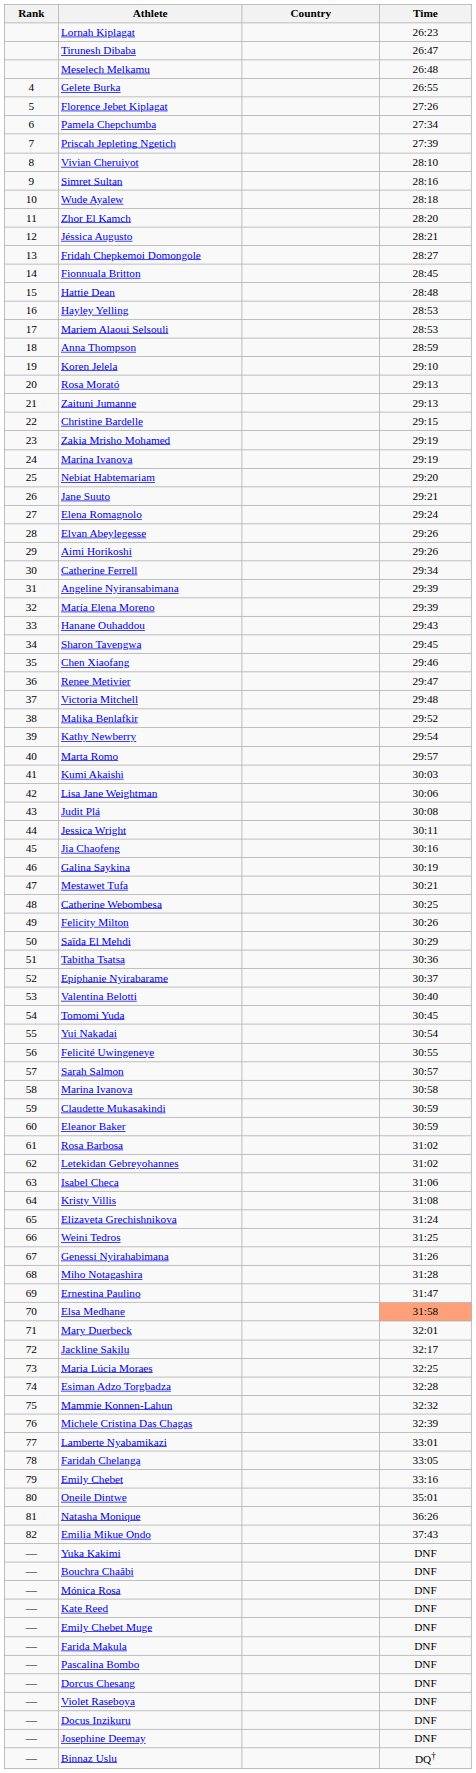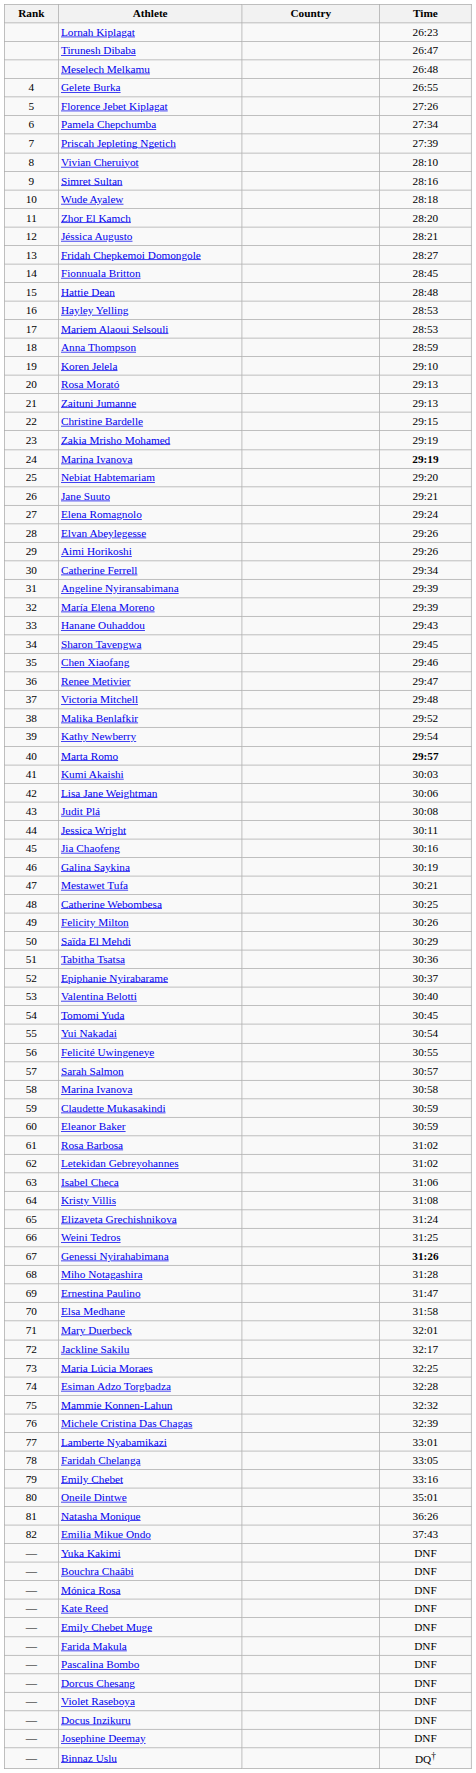 <table class="wikitable sortable" style=" text-align:center; font-size:95%;" width="50%">
 <tr>
 <th width=5%>Rank</th>
 <th width=20%>Athlete</th>
 <th width=15%>Country</th>
 <th width=10%>Time</th>
 </tr>
 <tr>
 <td align=center></td>
 <td align=left><a href='#'>Lornah Kiplagat</a></td>
 <td align=left></td>
 <td>26:23</td>
 </tr>
 <tr>
 <td align=center></td>
 <td align=left><a href='#'>Tirunesh Dibaba</a></td>
 <td align=left></td>
 <td>26:47</td>
 </tr>
 <tr>
 <td align=center></td>
 <td align=left><a href='#'>Meselech Melkamu</a></td>
 <td align=left></td>
 <td>26:48</td>
 </tr>
 <tr>
 <td align=center>4</td>
 <td align=left><a href='#'>Gelete Burka</a></td>
 <td align=left></td>
 <td>26:55</td>
 </tr>
 <tr>
 <td align=center>5</td>
 <td align=left><a href='#'>Florence Jebet Kiplagat</a></td>
 <td align=left></td>
 <td>27:26</td>
 </tr>
 <tr>
 <td align=center>6</td>
 <td align=left><a href='#'>Pamela Chepchumba</a></td>
 <td align=left></td>
 <td>27:34</td>
 </tr>
 <tr>
 <td align=center>7</td>
 <td align=left><a href='#'>Priscah Jepleting Ngetich</a></td>
 <td align=left></td>
 <td>27:39</td>
 </tr>
 <tr>
 <td align=center>8</td>
 <td align=left><a href='#'>Vivian Cheruiyot</a></td>
 <td align=left></td>
 <td>28:10</td>
 </tr>
 <tr>
 <td align=center>9</td>
 <td align=left><a href='#'>Simret Sultan</a></td>
 <td align=left></td>
 <td>28:16</td>
 </tr>
 <tr>
 <td align=center>10</td>
 <td align=left><a href='#'>Wude Ayalew</a></td>
 <td align=left></td>
 <td>28:18</td>
 </tr>
 <tr>
 <td align=center>11</td>
 <td align=left><a href='#'>Zhor El Kamch</a></td>
 <td align=left></td>
 <td>28:20</td>
 </tr>
 <tr>
 <td align=center>12</td>
 <td align=left><a href='#'>Jéssica Augusto</a></td>
 <td align=left></td>
 <td>28:21</td>
 </tr>
 <tr>
 <td align=center>13</td>
 <td align=left><a href='#'>Fridah Chepkemoi Domongole</a></td>
 <td align=left></td>
 <td>28:27</td>
 </tr>
 <tr>
 <td align=center>14</td>
 <td align=left><a href='#'>Fionnuala Britton</a></td>
 <td align=left></td>
 <td>28:45</td>
 </tr>
 <tr>
 <td align=center>15</td>
 <td align=left><a href='#'>Hattie Dean</a></td>
 <td align=left></td>
 <td>28:48</td>
 </tr>
 <tr>
 <td align=center>16</td>
 <td align=left><a href='#'>Hayley Yelling</a></td>
 <td align=left></td>
 <td>28:53</td>
 </tr>
 <tr>
 <td align=center>17</td>
 <td align=left><a href='#'>Mariem Alaoui Selsouli</a></td>
 <td align=left></td>
 <td>28:53</td>
 </tr>
 <tr>
 <td align=center>18</td>
 <td align=left><a href='#'>Anna Thompson</a></td>
 <td align=left></td>
 <td>28:59</td>
 </tr>
 <tr>
 <td align=center>19</td>
 <td align=left><a href='#'>Koren Jelela</a></td>
 <td align=left></td>
 <td>29:10</td>
 </tr>
 <tr>
 <td align=center>20</td>
 <td align=left><a href='#'>Rosa Morató</a></td>
 <td align=left></td>
 <td>29:13</td>
 </tr>
 <tr>
 <td align=center>21</td>
 <td align=left><a href='#'>Zaituni Jumanne</a></td>
 <td align=left></td>
 <td>29:13</td>
 </tr>
 <tr>
 <td align=center>22</td>
 <td align=left><a href='#'>Christine Bardelle</a></td>
 <td align=left></td>
 <td>29:15</td>
 </tr>
 <tr>
 <td align=center>23</td>
 <td align=left><a href='#'>Zakia Mrisho Mohamed</a></td>
 <td align=left></td>
 <td>29:19</td>
 </tr>
 <tr>
 <td align=center>24</td>
 <td align=left><a href='#'>Marina Ivanova</a></td>
 <td align=left></td>
-<td>29:19</td>
+<td><strong>29:19</strong></td>
 </tr>
 <tr>
 <td align=center>25</td>
 <td align=left><a href='#'>Nebiat Habtemariam</a></td>
 <td align=left></td>
 <td>29:20</td>
 </tr>
 <tr>
 <td align=center>26</td>
 <td align=left><a href='#'>Jane Suuto</a></td>
 <td align=left></td>
 <td>29:21</td>
 </tr>
 <tr>
 <td align=center>27</td>
 <td align=left><a href='#'>Elena Romagnolo</a></td>
 <td align=left></td>
 <td>29:24</td>
 </tr>
 <tr>
 <td align=center>28</td>
 <td align=left><a href='#'>Elvan Abeylegesse</a></td>
 <td align=left></td>
 <td>29:26</td>
 </tr>
 <tr>
 <td align=center>29</td>
 <td align=left><a href='#'>Aimi Horikoshi</a></td>
 <td align=left></td>
 <td>29:26</td>
 </tr>
 <tr>
 <td align=center>30</td>
 <td align=left><a href='#'>Catherine Ferrell</a></td>
 <td align=left></td>
 <td>29:34</td>
 </tr>
 <tr>
 <td align=center>31</td>
 <td align=left><a href='#'>Angeline Nyiransabimana</a></td>
 <td align=left></td>
 <td>29:39</td>
 </tr>
 <tr>
 <td align=center>32</td>
 <td align=left><a href='#'>María Elena Moreno</a></td>
 <td align=left></td>
 <td>29:39</td>
 </tr>
 <tr>
 <td align=center>33</td>
 <td align=left><a href='#'>Hanane Ouhaddou</a></td>
 <td align=left></td>
 <td>29:43</td>
 </tr>
 <tr>
 <td align=center>34</td>
 <td align=left><a href='#'>Sharon Tavengwa</a></td>
 <td align=left></td>
 <td>29:45</td>
 </tr>
 <tr>
 <td align=center>35</td>
 <td align=left><a href='#'>Chen Xiaofang</a></td>
 <td align=left></td>
 <td>29:46</td>
 </tr>
 <tr>
 <td align=center>36</td>
 <td align=left><a href='#'>Renee Metivier</a></td>
 <td align=left></td>
 <td>29:47</td>
 </tr>
 <tr>
 <td align=center>37</td>
 <td align=left><a href='#'>Victoria Mitchell</a></td>
 <td align=left></td>
 <td>29:48</td>
 </tr>
 <tr>
 <td align=center>38</td>
 <td align=left><a href='#'>Malika Benlafkir</a></td>
 <td align=left></td>
 <td>29:52</td>
 </tr>
 <tr>
 <td align=center>39</td>
 <td align=left><a href='#'>Kathy Newberry</a></td>
 <td align=left></td>
 <td>29:54</td>
 </tr>
 <tr>
 <td align=center>40</td>
 <td align=left><a href='#'>Marta Romo</a></td>
 <td align=left></td>
-<td>29:57</td>
+<td><strong>29:57</strong></td>
 </tr>
 <tr>
 <td align=center>41</td>
 <td align=left><a href='#'>Kumi Akaishi</a></td>
 <td align=left></td>
 <td>30:03</td>
 </tr>
 <tr>
 <td align=center>42</td>
 <td align=left><a href='#'>Lisa Jane Weightman</a></td>
 <td align=left></td>
 <td>30:06</td>
 </tr>
 <tr>
 <td align=center>43</td>
 <td align=left><a href='#'>Judit Plá</a></td>
 <td align=left></td>
 <td>30:08</td>
 </tr>
 <tr>
 <td align=center>44</td>
 <td align=left><a href='#'>Jessica Wright</a></td>
 <td align=left></td>
 <td>30:11</td>
 </tr>
 <tr>
 <td align=center>45</td>
 <td align=left><a href='#'>Jia Chaofeng</a></td>
 <td align=left></td>
 <td>30:16</td>
 </tr>
 <tr>
 <td align=center>46</td>
 <td align=left><a href='#'>Galina Saykina</a></td>
 <td align=left></td>
 <td>30:19</td>
 </tr>
 <tr>
 <td align=center>47</td>
 <td align=left><a href='#'>Mestawet Tufa</a></td>
 <td align=left></td>
 <td>30:21</td>
 </tr>
 <tr>
 <td align=center>48</td>
 <td align=left><a href='#'>Catherine Webombesa</a></td>
 <td align=left></td>
 <td>30:25</td>
 </tr>
 <tr>
 <td align=center>49</td>
 <td align=left><a href='#'>Felicity Milton</a></td>
 <td align=left></td>
 <td>30:26</td>
 </tr>
 <tr>
 <td align=center>50</td>
 <td align=left><a href='#'>Saïda El Mehdi</a></td>
 <td align=left></td>
 <td>30:29</td>
 </tr>
 <tr>
 <td align=center>51</td>
 <td align=left><a href='#'>Tabitha Tsatsa</a></td>
 <td align=left></td>
 <td>30:36</td>
 </tr>
 <tr>
 <td align=center>52</td>
 <td align=left><a href='#'>Epiphanie Nyirabarame</a></td>
 <td align=left></td>
 <td>30:37</td>
 </tr>
 <tr>
 <td align=center>53</td>
 <td align=left><a href='#'>Valentina Belotti</a></td>
 <td align=left></td>
 <td>30:40</td>
 </tr>
 <tr>
 <td align=center>54</td>
 <td align=left><a href='#'>Tomomi Yuda</a></td>
 <td align=left></td>
 <td>30:45</td>
 </tr>
 <tr>
 <td align=center>55</td>
 <td align=left><a href='#'>Yui Nakadai</a></td>
 <td align=left></td>
 <td>30:54</td>
 </tr>
 <tr>
 <td align=center>56</td>
 <td align=left><a href='#'>Felicité Uwingeneye</a></td>
 <td align=left></td>
 <td>30:55</td>
 </tr>
 <tr>
 <td align=center>57</td>
 <td align=left><a href='#'>Sarah Salmon</a></td>
 <td align=left></td>
 <td>30:57</td>
 </tr>
 <tr>
 <td align=center>58</td>
 <td align=left><a href='#'>Marina Ivanova</a></td>
 <td align=left></td>
 <td>30:58</td>
 </tr>
 <tr>
 <td align=center>59</td>
 <td align=left><a href='#'>Claudette Mukasakindi</a></td>
 <td align=left></td>
 <td>30:59</td>
 </tr>
 <tr>
 <td align=center>60</td>
 <td align=left><a href='#'>Eleanor Baker</a></td>
 <td align=left></td>
 <td>30:59</td>
 </tr>
 <tr>
 <td align=center>61</td>
 <td align=left><a href='#'>Rosa Barbosa</a></td>
 <td align=left></td>
 <td>31:02</td>
 </tr>
 <tr>
 <td align=center>62</td>
 <td align=left><a href='#'>Letekidan Gebreyohannes</a></td>
 <td align=left></td>
 <td>31:02</td>
 </tr>
 <tr>
 <td align=center>63</td>
 <td align=left><a href='#'>Isabel Checa</a></td>
 <td align=left></td>
 <td>31:06</td>
 </tr>
 <tr>
 <td align=center>64</td>
 <td align=left><a href='#'>Kristy Villis</a></td>
 <td align=left></td>
 <td>31:08</td>
 </tr>
 <tr>
 <td align=center>65</td>
 <td align=left><a href='#'>Elizaveta Grechishnikova</a></td>
 <td align=left></td>
 <td>31:24</td>
 </tr>
 <tr>
 <td align=center>66</td>
 <td align=left><a href='#'>Weini Tedros</a></td>
 <td align=left></td>
 <td>31:25</td>
 </tr>
 <tr>
 <td align=center>67</td>
 <td align=left><a href='#'>Genessi Nyirahabimana</a></td>
 <td align=left></td>
-<td>31:26</td>
+<td><strong>31:26</strong></td>
 </tr>
 <tr>
 <td align=center>68</td>
 <td align=left><a href='#'>Miho Notagashira</a></td>
 <td align=left></td>
 <td>31:28</td>
 </tr>
 <tr>
 <td align=center>69</td>
 <td align=left><a href='#'>Ernestina Paulino</a></td>
 <td align=left></td>
 <td>31:47</td>
 </tr>
 <tr>
 <td align=center>70</td>
 <td align=left><a href='#'>Elsa Medhane</a></td>
 <td align=left></td>
-<td style="background: lightsalmon;">31:58</td>
+<td>31:58</td>
 </tr>
 <tr>
 <td align=center>71</td>
 <td align=left><a href='#'>Mary Duerbeck</a></td>
 <td align=left></td>
 <td>32:01</td>
 </tr>
 <tr>
 <td align=center>72</td>
 <td align=left><a href='#'>Jackline Sakilu</a></td>
 <td align=left></td>
 <td>32:17</td>
 </tr>
 <tr>
 <td align=center>73</td>
 <td align=left><a href='#'>Maria Lúcia Moraes</a></td>
 <td align=left></td>
 <td>32:25</td>
 </tr>
 <tr>
 <td align=center>74</td>
 <td align=left><a href='#'>Esiman Adzo Torgbadza</a></td>
 <td align=left></td>
 <td>32:28</td>
 </tr>
 <tr>
 <td align=center>75</td>
 <td align=left><a href='#'>Mammie Konnen-Lahun</a></td>
 <td align=left></td>
 <td>32:32</td>
 </tr>
 <tr>
 <td align=center>76</td>
 <td align=left><a href='#'>Michele Cristina Das Chagas</a></td>
 <td align=left></td>
 <td>32:39</td>
 </tr>
 <tr>
 <td align=center>77</td>
 <td align=left><a href='#'>Lamberte Nyabamikazi</a></td>
 <td align=left></td>
 <td>33:01</td>
 </tr>
 <tr>
 <td align=center>78</td>
 <td align=left><a href='#'>Faridah Chelanga</a></td>
 <td align=left></td>
 <td>33:05</td>
 </tr>
 <tr>
 <td align=center>79</td>
 <td align=left><a href='#'>Emily Chebet</a></td>
 <td align=left></td>
 <td>33:16</td>
 </tr>
 <tr>
 <td align=center>80</td>
 <td align=left><a href='#'>Oneile Dintwe</a></td>
 <td align=left></td>
 <td>35:01</td>
 </tr>
 <tr>
 <td align=center>81</td>
 <td align=left><a href='#'>Natasha Monique</a></td>
 <td align=left></td>
 <td>36:26</td>
 </tr>
 <tr>
 <td align=center>82</td>
 <td align=left><a href='#'>Emilia Mikue Ondo</a></td>
 <td align=left></td>
 <td>37:43</td>
 </tr>
 <tr>
 <td align=center>—</td>
 <td align=left><a href='#'>Yuka Kakimi</a></td>
 <td align=left></td>
 <td>DNF</td>
 </tr>
 <tr>
 <td align=center>—</td>
 <td align=left><a href='#'>Bouchra Chaâbi</a></td>
 <td align=left></td>
 <td>DNF</td>
 </tr>
 <tr>
 <td align=center>—</td>
 <td align=left><a href='#'>Mónica Rosa</a></td>
 <td align=left></td>
 <td>DNF</td>
 </tr>
 <tr>
 <td align=center>—</td>
 <td align=left><a href='#'>Kate Reed</a></td>
 <td align=left></td>
 <td>DNF</td>
 </tr>
 <tr>
 <td align=center>—</td>
 <td align=left><a href='#'>Emily Chebet Muge</a></td>
 <td align=left></td>
 <td>DNF</td>
 </tr>
 <tr>
 <td align=center>—</td>
 <td align=left><a href='#'>Farida Makula</a></td>
 <td align=left></td>
 <td>DNF</td>
 </tr>
 <tr>
 <td align=center>—</td>
 <td align=left><a href='#'>Pascalina Bombo</a></td>
 <td align=left></td>
 <td>DNF</td>
 </tr>
 <tr>
 <td align=center>—</td>
 <td align=left><a href='#'>Dorcus Chesang</a></td>
 <td align=left></td>
 <td>DNF</td>
 </tr>
 <tr>
 <td align=center>—</td>
 <td align=left><a href='#'>Violet Raseboya</a></td>
 <td align=left></td>
 <td>DNF</td>
 </tr>
 <tr>
 <td align=center>—</td>
 <td align=left><a href='#'>Docus Inzikuru</a></td>
 <td align=left></td>
 <td>DNF</td>
 </tr>
 <tr>
 <td align=center>—</td>
 <td align=left><a href='#'>Josephine Deemay</a></td>
 <td align=left></td>
 <td>DNF</td>
 </tr>
 <tr>
 <td align=center>—</td>
 <td align=left><a href='#'>Binnaz Uslu</a></td>
 <td align=left></td>
 <td>DQ<sup>†</sup></td>
 </tr>
 </table>
